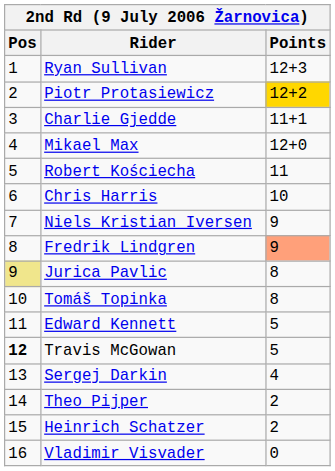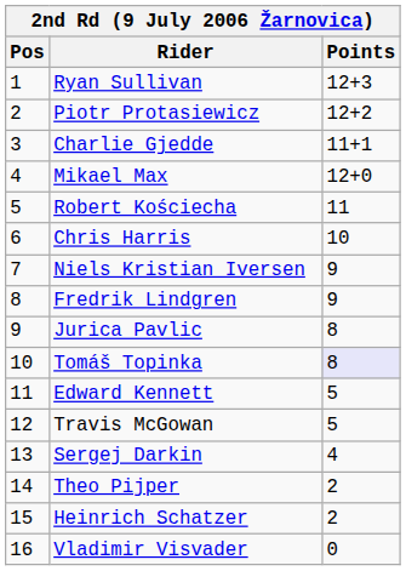 <table class="wikitable">
 <tr>
 <th colspan="6">2nd Rd (9 July 2006  <a href='#'>Žarnovica</a>)</th>
 </tr>
 <tr>
 <th width=20>Pos</th>
 <th width=180>Rider</th>
 <th width=40>Points</th>
 </tr>
 <tr>
 <td>1</td>
 <td style="text-align:left;"> <a href='#'>Ryan Sullivan</a></td>
 <td>12+3</td>
 </tr>
 <tr>
 <td>2</td>
 <td style="text-align:left;"> <a href='#'>Piotr Protasiewicz</a></td>
-<td style="background: gold;">12+2</td>
+<td>12+2</td>
 </tr>
 <tr>
 <td>3</td>
 <td style="text-align:left;"> <a href='#'>Charlie Gjedde</a></td>
 <td>11+1</td>
 </tr>
 <tr>
 <td>4</td>
 <td style="text-align:left;"> <a href='#'>Mikael Max</a></td>
 <td>12+0</td>
 </tr>
 <tr>
 <td>5</td>
 <td style="text-align:left;"> <a href='#'>Robert Kościecha</a></td>
 <td>11</td>
 </tr>
 <tr>
 <td>6</td>
 <td style="text-align:left;"> <a href='#'>Chris Harris</a></td>
 <td>10</td>
 </tr>
 <tr>
 <td>7</td>
 <td style="text-align:left;"> <a href='#'>Niels Kristian Iversen</a></td>
 <td>9</td>
 </tr>
 <tr>
 <td>8</td>
 <td style="text-align:left;"> <a href='#'>Fredrik Lindgren</a></td>
-<td style="background: lightsalmon;">9</td>
+<td>9</td>
 </tr>
 <tr>
-<td style="background: khaki;">9</td>
+<td>9</td>
 <td style="text-align:left;"> <a href='#'>Jurica Pavlic</a></td>
 <td>8</td>
 </tr>
 <tr>
 <td>10</td>
 <td style="text-align:left;"> <a href='#'>Tomáš Topinka</a></td>
-<td>8</td>
+<td style="background: lavender;">8</td>
 </tr>
 <tr>
 <td>11</td>
 <td style="text-align:left;"> <a href='#'>Edward Kennett</a></td>
 <td>5</td>
 </tr>
 <tr>
-<td><strong>12</strong></td>
+<td>12</td>
 <td style="text-align:left;"> Travis McGowan</td>
 <td>5</td>
 </tr>
 <tr>
 <td>13</td>
 <td style="text-align:left;"> <a href='#'>Sergej Darkin</a></td>
 <td>4</td>
 </tr>
 <tr>
 <td>14</td>
 <td style="text-align:left;"> <a href='#'>Theo Pijper</a></td>
 <td>2</td>
 </tr>
 <tr>
 <td>15</td>
 <td style="text-align:left;"> <a href='#'>Heinrich Schatzer</a></td>
 <td>2</td>
 </tr>
 <tr>
 <td>16</td>
 <td style="text-align:left;"> <a href='#'>Vladimir Visvader</a></td>
 <td>0</td>
 </tr>
 </table>
